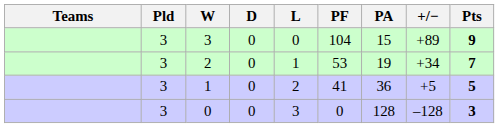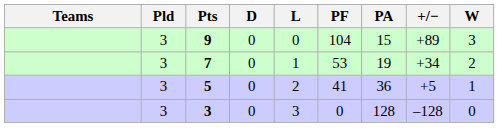 <table class="wikitable" style="text-align: center;">
 <tr>
 <th width="140">Teams</th>
 <th width="40">Pld</th>
-<th width="40">W</th>
+<th width="40">Pts</th>
 <th width="40">D</th>
 <th width="40">L</th>
 <th width="40">PF</th>
 <th width="40">PA</th>
 <th width="40">+/−</th>
-<th width="40">Pts</th>
+<th width="40">W</th>
 </tr>
 <tr bgcolor=ccffcc>
 <td align=left></td>
 <td>3</td>
-<td>3</td>
+<td><strong>9</strong></td>
 <td>0</td>
 <td>0</td>
 <td>104</td>
 <td>15</td>
 <td>+89</td>
-<td><strong>9</strong></td>
+<td>3</td>
 </tr>
 <tr bgcolor=ccffcc>
 <td align=left></td>
 <td>3</td>
-<td>2</td>
+<td><strong>7</strong></td>
 <td>0</td>
 <td>1</td>
 <td>53</td>
 <td>19</td>
 <td>+34</td>
-<td><strong>7</strong></td>
+<td>2</td>
 </tr>
 <tr bgcolor=ccccff>
 <td align=left></td>
 <td>3</td>
-<td>1</td>
+<td><strong>5</strong></td>
 <td>0</td>
 <td>2</td>
 <td>41</td>
 <td>36</td>
 <td>+5</td>
-<td><strong>5</strong></td>
+<td>1</td>
 </tr>
 <tr bgcolor=ccccff>
 <td align=left></td>
 <td>3</td>
-<td>0</td>
+<td><strong>3</strong></td>
 <td>0</td>
 <td>3</td>
 <td>0</td>
 <td>128</td>
 <td>–128</td>
-<td><strong>3</strong></td>
+<td>0</td>
 </tr>
 </table>
